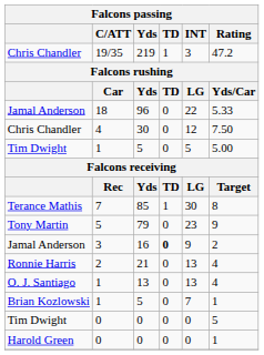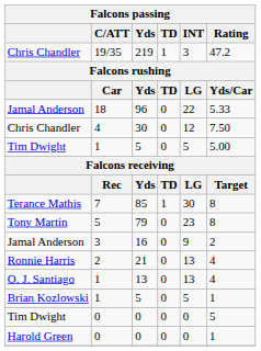 <table class="wikitable">
 <tr>
 <th colspan="6">Falcons passing</th>
 </tr>
 <tr>
 <th></th>
 <th>C/ATT</th>
 <th>Yds</th>
 <th>TD</th>
 <th>INT</th>
 <th>Rating</th>
 </tr>
 <tr>
 <td><a href='#'>Chris Chandler</a></td>
 <td>19/35</td>
 <td>219</td>
 <td>1</td>
 <td>3</td>
 <td>47.2</td>
 </tr>
 <tr>
 <th colspan="6">Falcons rushing</th>
 </tr>
 <tr>
 <th></th>
 <th>Car</th>
 <th>Yds</th>
 <th>TD</th>
 <th>LG</th>
 <th>Yds/Car</th>
 </tr>
 <tr>
 <td><a href='#'>Jamal Anderson</a></td>
 <td>18</td>
 <td>96</td>
 <td>0</td>
 <td>22</td>
 <td>5.33</td>
 </tr>
 <tr>
 <td>Chris Chandler</td>
 <td>4</td>
 <td>30</td>
 <td>0</td>
 <td>12</td>
 <td>7.50</td>
 </tr>
 <tr>
 <td><a href='#'>Tim Dwight</a></td>
 <td>1</td>
 <td>5</td>
 <td>0</td>
 <td>5</td>
 <td>5.00</td>
 </tr>
 <tr>
 <th colspan="6">Falcons receiving</th>
 </tr>
 <tr>
 <th></th>
 <th>Rec</th>
 <th>Yds</th>
 <th>TD</th>
 <th>LG</th>
 <th>Target</th>
 </tr>
 <tr>
 <td><a href='#'>Terance Mathis</a></td>
 <td>7</td>
 <td>85</td>
 <td>1</td>
 <td>30</td>
 <td>8</td>
 </tr>
 <tr>
 <td><a href='#'>Tony Martin</a></td>
 <td>5</td>
 <td>79</td>
 <td>0</td>
 <td>23</td>
-<td>9</td>
+<td>8</td>
 </tr>
 <tr>
 <td>Jamal Anderson</td>
 <td>3</td>
 <td>16</td>
-<td><strong>0</strong></td>
+<td>0</td>
 <td>9</td>
 <td>2</td>
 </tr>
 <tr>
 <td><a href='#'>Ronnie Harris</a></td>
 <td>2</td>
 <td>21</td>
 <td>0</td>
 <td>13</td>
 <td>4</td>
 </tr>
 <tr>
 <td><a href='#'>O. J. Santiago</a></td>
 <td>1</td>
 <td>13</td>
 <td>0</td>
 <td>13</td>
 <td>4</td>
 </tr>
 <tr>
 <td><a href='#'>Brian Kozlowski</a></td>
 <td>1</td>
 <td>5</td>
 <td>0</td>
-<td>7</td>
+<td>5</td>
 <td>1</td>
 </tr>
 <tr>
 <td>Tim Dwight</td>
 <td>0</td>
 <td>0</td>
 <td>0</td>
 <td>0</td>
 <td>5</td>
 </tr>
 <tr>
 <td><a href='#'>Harold Green</a></td>
 <td>0</td>
 <td>0</td>
 <td>0</td>
 <td>0</td>
 <td>1</td>
 </tr>
 <tr>
 </tr>
 </table>
